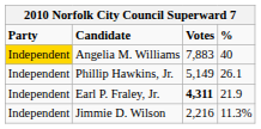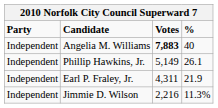 <table class="wikitable">
 <tr>
 <th colspan="4">2010 Norfolk City Council Superward 7</th>
 </tr>
 <tr>
 <td><strong>Party</strong></td>
 <td><strong>Candidate</strong></td>
 <td><strong>Votes</strong></td>
 <td><strong>%</strong></td>
 </tr>
 <tr>
-<td style="background: gold;">Independent</td>
+<td>Independent</td>
 <td>Angelia M. Williams</td>
-<td>7,883</td>
+<td><strong>7,883</strong></td>
 <td>40</td>
 </tr>
 <tr>
 <td>Independent</td>
 <td>Phillip Hawkins, Jr.</td>
 <td>5,149</td>
 <td>26.1</td>
 </tr>
 <tr>
 <td>Independent</td>
 <td>Earl P. Fraley, Jr.</td>
-<td><strong>4,311</strong></td>
+<td>4,311</td>
 <td>21.9</td>
 </tr>
 <tr>
 <td>Independent</td>
 <td>Jimmie D. Wilson</td>
 <td>2,216</td>
 <td>11.3%</td>
 </tr>
 </table>
